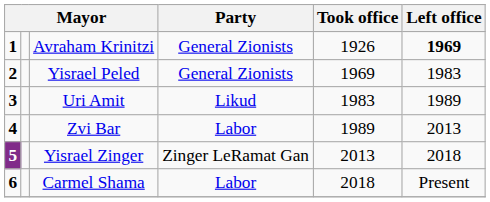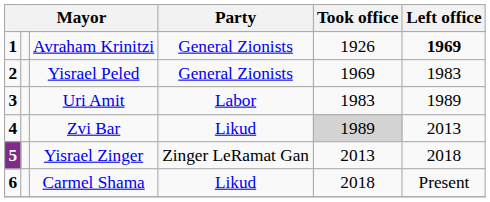 <table class="wikitable" style="text-align: center;">
 <tr>
 <th colspan="3">Mayor</th>
 <th>Party</th>
 <th>Took office</th>
 <th>Left office</th>
 </tr>
 <tr>
 <td style="background: "><strong>1</strong></td>
 <td></td>
 <td><a href='#'>Avraham Krinitzi</a></td>
 <td><a href='#'>General Zionists</a></td>
 <td>1926</td>
 <td><strong>1969</strong></td>
 </tr>
 <tr>
 <td style="background: "><strong>2</strong></td>
 <td></td>
 <td><a href='#'>Yisrael Peled</a></td>
 <td><a href='#'>General Zionists</a></td>
 <td>1969</td>
 <td>1983</td>
 </tr>
 <tr>
 <td style="background: "><strong>3</strong></td>
 <td></td>
 <td><a href='#'>Uri Amit</a></td>
-<td><a href='#'>Likud</a></td>
+<td><a href='#'>Labor</a></td>
 <td>1983</td>
 <td>1989</td>
 </tr>
 <tr>
 <td style="background: "><strong>4</strong></td>
 <td></td>
 <td><a href='#'>Zvi Bar</a></td>
-<td><a href='#'>Labor</a></td>
-<td>1989</td>
+<td><a href='#'>Likud</a></td>
+<td style="background: lightgrey;">1989</td>
 <td>2013</td>
 </tr>
 <tr>
 <td style="background: #802B89; color: white"><strong>5</strong></td>
 <td></td>
 <td><a href='#'>Yisrael Zinger</a></td>
 <td>Zinger LeRamat Gan</td>
 <td>2013</td>
 <td>2018</td>
 </tr>
 <tr>
 <td style="background: "><strong>6</strong></td>
 <td></td>
 <td><a href='#'>Carmel Shama</a></td>
-<td><a href='#'>Labor</a></td>
+<td><a href='#'>Likud</a></td>
 <td>2018</td>
 <td>Present</td>
 </tr>
 <tr>
 </tr>
 </table>
